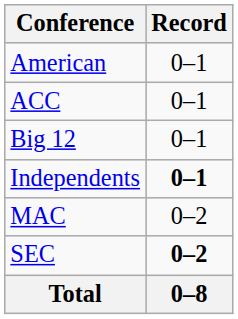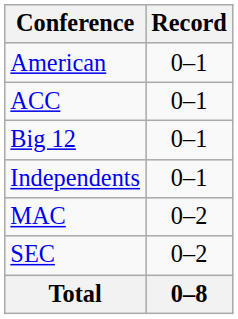 <table class="wikitable">
 <tr>
 <th>Conference</th>
 <th>Record</th>
 </tr>
 <tr>
 <td><a href='#'>American</a></td>
 <td align=center>0–1</td>
 </tr>
 <tr>
 <td><a href='#'>ACC</a></td>
 <td align=center>0–1</td>
 </tr>
 <tr>
 <td><a href='#'>Big 12</a></td>
 <td align=center>0–1</td>
 </tr>
 <tr>
 <td><a href='#'>Independents</a></td>
-<td align=center><strong>0–1</strong></td>
+<td align=center>0–1</td>
 </tr>
 <tr>
 <td><a href='#'>MAC</a></td>
 <td align=center>0–2</td>
 </tr>
 <tr>
 <td><a href='#'>SEC</a></td>
-<td align=center><strong>0–2</strong></td>
+<td align=center>0–2</td>
 </tr>
 <tr>
 <th>Total</th>
 <th>0–8</th>
 </tr>
 </table>
